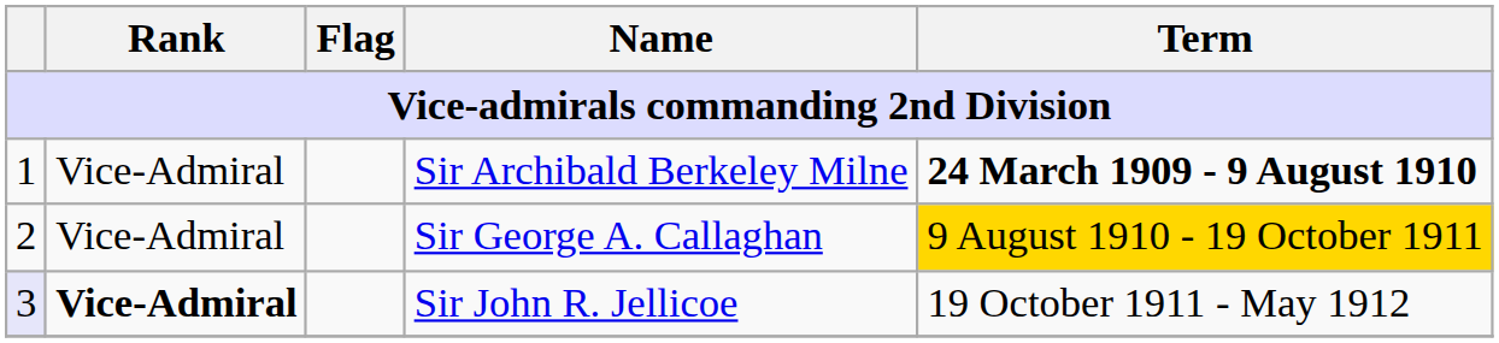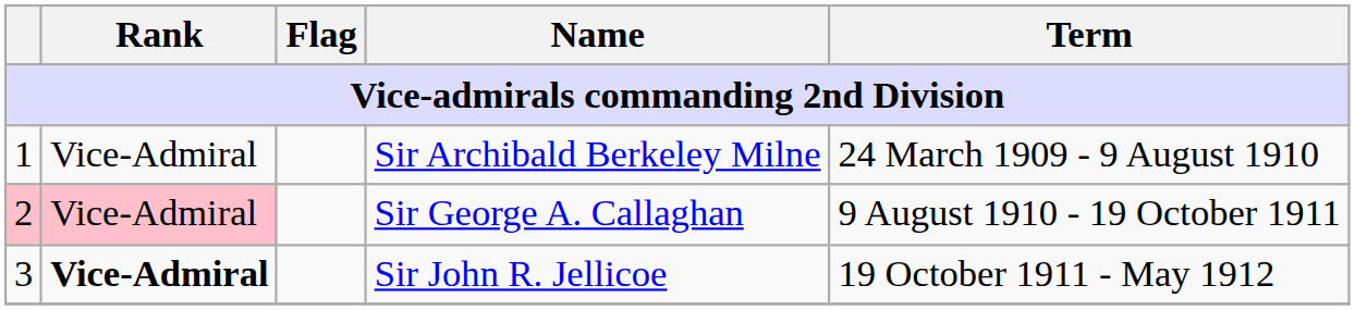 <table class="wikitable">
 <tr>
 <th></th>
 <th>Rank</th>
 <th>Flag</th>
 <th>Name</th>
 <th>Term</th>
 </tr>
 <tr>
 <td colspan="5" align="center" style="background:#dcdcfe;"><strong>Vice-admirals commanding 2nd Division</strong></td>
 </tr>
 <tr>
 <td>1</td>
 <td>Vice-Admiral</td>
 <td></td>
 <td><a href='#'>Sir Archibald Berkeley Milne</a></td>
-<td><strong>24 March 1909   - 9 August 1910</strong></td>
+<td>24 March 1909   - 9 August 1910</td>
 </tr>
 <tr>
-<td>2</td>
-<td>Vice-Admiral</td>
+<td style="background: pink;">2</td>
+<td style="background: pink;">Vice-Admiral</td>
 <td></td>
 <td><a href='#'>Sir George A. Callaghan</a></td>
-<td style="background: gold;">9 August 1910  - 19 October 1911</td>
+<td>9 August 1910  - 19 October 1911</td>
 </tr>
 <tr>
-<td style="background: lavender;">3</td>
+<td>3</td>
 <td><strong>Vice-Admiral</strong></td>
 <td></td>
 <td><a href='#'>Sir John R. Jellicoe</a></td>
 <td>19 October 1911 -  May 1912</td>
 </tr>
 <tr>
 </tr>
 </table>
